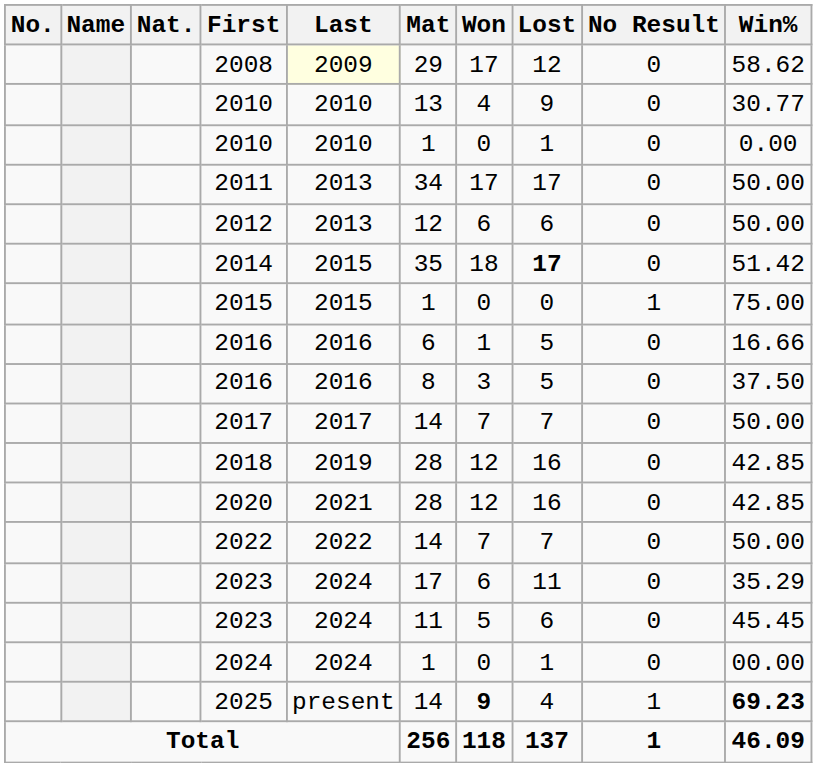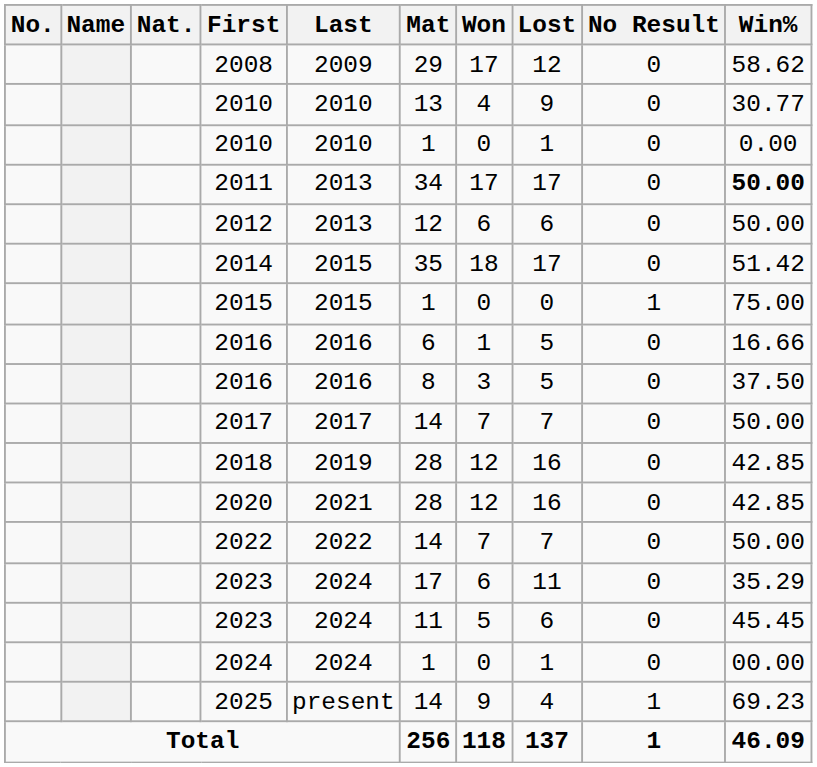 <table class="wikitable plainrowheaders sortable">
 <tr>
 <th scope="col">No.</th>
 <th scope="col">Name</th>
 <th scope="col">Nat.</th>
 <th scope="col">First</th>
 <th scope="col">Last</th>
 <th scope="col">Mat</th>
 <th scope="col">Won</th>
 <th scope="col">Lost</th>
 <th scope="col">No Result</th>
 <th scope="col">Win%</th>
 </tr>
 <tr align=center>
 <td></td>
 <th scope="row"></th>
 <td></td>
 <td>2008</td>
-<td style="background: lightyellow;">2009</td>
+<td>2009</td>
 <td>29</td>
 <td>17</td>
 <td>12</td>
 <td>0</td>
 <td>58.62</td>
 </tr>
 <tr align=center>
 <td></td>
 <th scope="row"></th>
 <td></td>
 <td>2010</td>
 <td>2010</td>
 <td>13</td>
 <td>4</td>
 <td>9</td>
 <td>0</td>
 <td>30.77</td>
 </tr>
 <tr align=center>
 <td></td>
 <th scope="row"></th>
 <td></td>
 <td>2010</td>
 <td>2010</td>
 <td>1</td>
 <td>0</td>
 <td>1</td>
 <td>0</td>
 <td>0.00</td>
 </tr>
 <tr align=center>
 <td></td>
 <th scope="row"></th>
 <td></td>
 <td>2011</td>
 <td>2013</td>
 <td>34</td>
 <td>17</td>
 <td>17</td>
 <td>0</td>
-<td>50.00</td>
+<td><strong>50.00</strong></td>
 </tr>
 <tr align=center>
 <td></td>
 <th scope="row"></th>
 <td></td>
 <td>2012</td>
 <td>2013</td>
 <td>12</td>
 <td>6</td>
 <td>6</td>
 <td>0</td>
 <td>50.00</td>
 </tr>
 <tr align=center>
 <td></td>
 <th scope="row"></th>
 <td></td>
 <td>2014</td>
 <td>2015</td>
 <td>35</td>
 <td>18</td>
-<td><strong>17</strong></td>
+<td>17</td>
 <td>0</td>
 <td>51.42</td>
 </tr>
 <tr align=center>
 <td></td>
 <th scope="row"></th>
 <td></td>
 <td>2015</td>
 <td>2015</td>
 <td>1</td>
 <td>0</td>
 <td>0</td>
 <td>1</td>
 <td>75.00</td>
 </tr>
 <tr align=center>
 <td></td>
 <th scope="row"></th>
 <td></td>
 <td>2016</td>
 <td>2016</td>
 <td>6</td>
 <td>1</td>
 <td>5</td>
 <td>0</td>
 <td>16.66</td>
 </tr>
 <tr align=center>
 <td></td>
 <th scope="row"><br></th>
 <td></td>
 <td>2016</td>
 <td>2016</td>
 <td>8</td>
 <td>3</td>
 <td>5</td>
 <td>0</td>
 <td>37.50</td>
 </tr>
 <tr align=center>
 <td></td>
 <th scope="row"><br></th>
 <td></td>
 <td>2017</td>
 <td>2017</td>
 <td>14</td>
 <td>7</td>
 <td>7</td>
 <td>0</td>
 <td>50.00</td>
 </tr>
 <tr align=center>
 <td></td>
 <th scope="row"><br></th>
 <td></td>
 <td>2018</td>
 <td>2019</td>
 <td>28</td>
 <td>12</td>
 <td>16</td>
 <td>0</td>
 <td>42.85</td>
 </tr>
 <tr align=center>
 <td></td>
 <th scope="row"><br></th>
 <td></td>
 <td>2020</td>
 <td>2021</td>
 <td>28</td>
 <td>12</td>
 <td>16</td>
 <td>0</td>
 <td>42.85</td>
 </tr>
 <tr align=center>
 <td></td>
 <th scope="row"><br></th>
 <td></td>
 <td>2022</td>
 <td>2022</td>
 <td>14</td>
 <td>7</td>
 <td>7</td>
 <td>0</td>
 <td>50.00</td>
 </tr>
 <tr align=center>
 <td></td>
 <th scope="row"><br></th>
 <td></td>
 <td>2023</td>
 <td>2024</td>
 <td>17</td>
 <td>6</td>
 <td>11</td>
 <td>0</td>
 <td>35.29</td>
 </tr>
 <tr align=center>
 <td></td>
 <th scope="row"><br></th>
 <td></td>
 <td>2023</td>
 <td>2024</td>
 <td>11</td>
 <td>5</td>
 <td>6</td>
 <td>0</td>
 <td>45.45</td>
 </tr>
 <tr align=center>
 <td></td>
 <th scope="row"></th>
 <td></td>
 <td>2024</td>
 <td>2024</td>
 <td>1</td>
 <td>0</td>
 <td>1</td>
 <td>0</td>
 <td>00.00</td>
 </tr>
 <tr align=center>
 <td></td>
 <th scope="row"></th>
 <td></td>
 <td>2025</td>
 <td>present</td>
 <td>14</td>
-<td><strong>9</strong></td>
+<td>9</td>
 <td>4</td>
 <td>1</td>
-<td><strong>69.23</strong></td>
+<td>69.23</td>
 </tr>
 <tr class="sortbottom" style="text-align:center;">
 <td colspan=5><strong>Total</strong></td>
 <td><strong>256</strong></td>
 <td><strong>118</strong></td>
 <td><strong>137</strong></td>
 <td><strong>1</strong></td>
 <td><strong>46.09</strong></td>
 </tr>
 </table>
